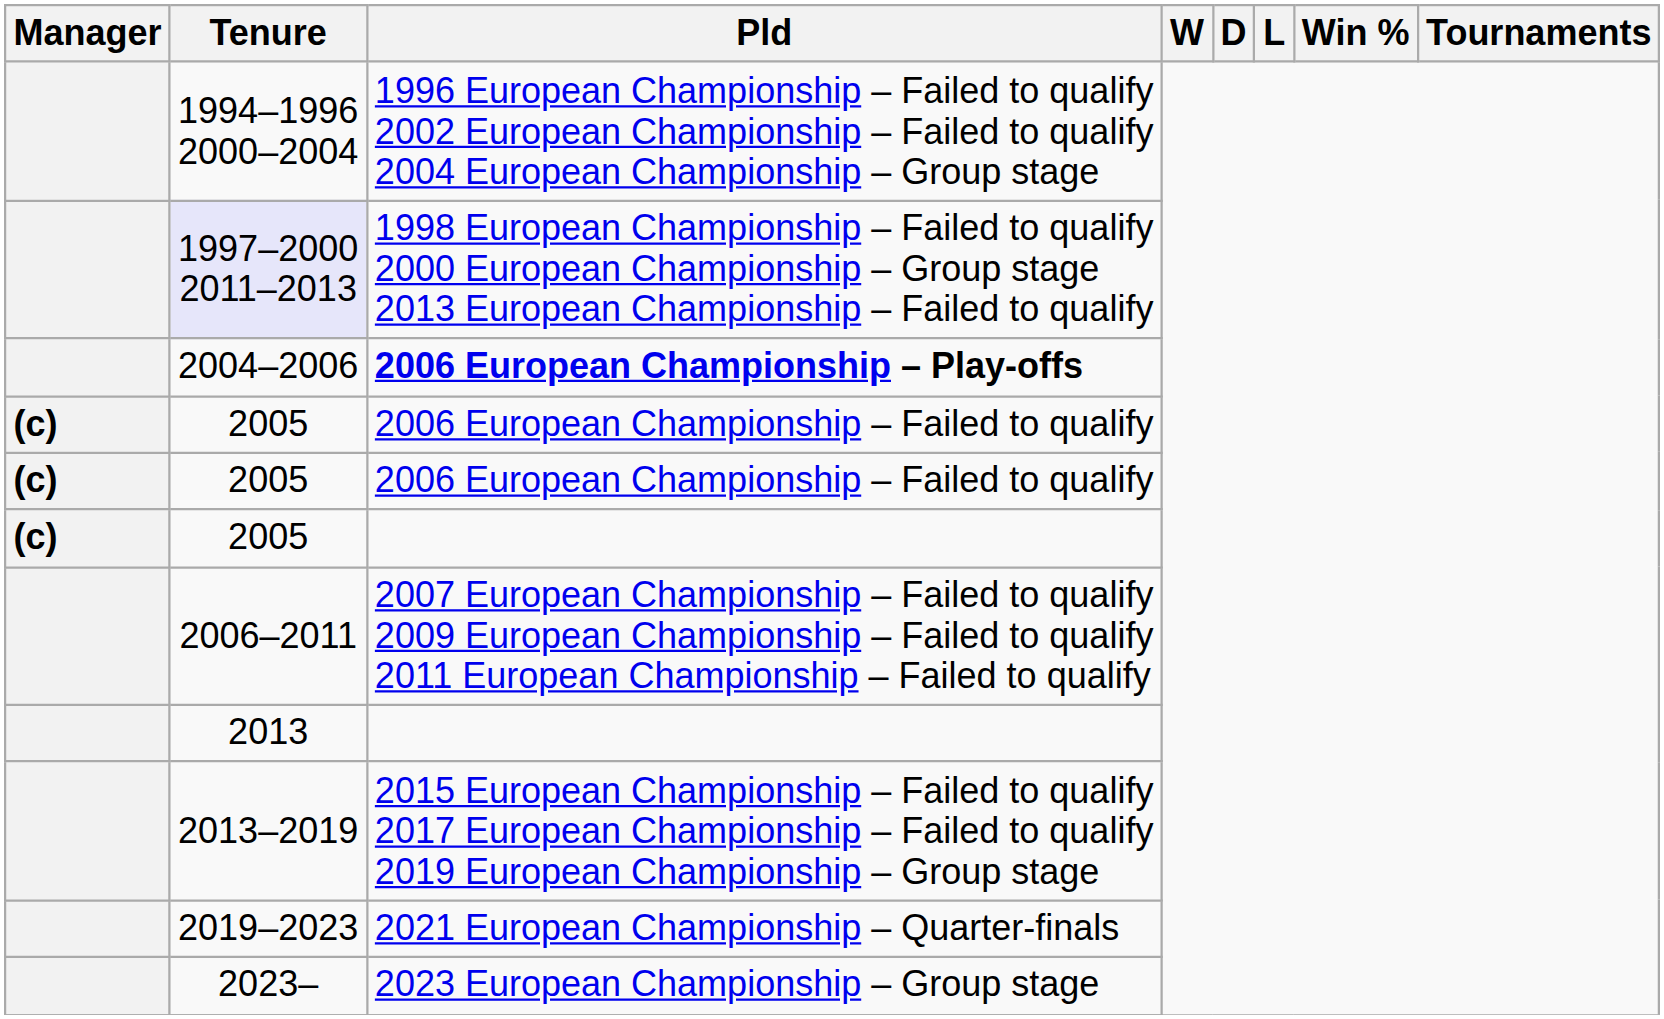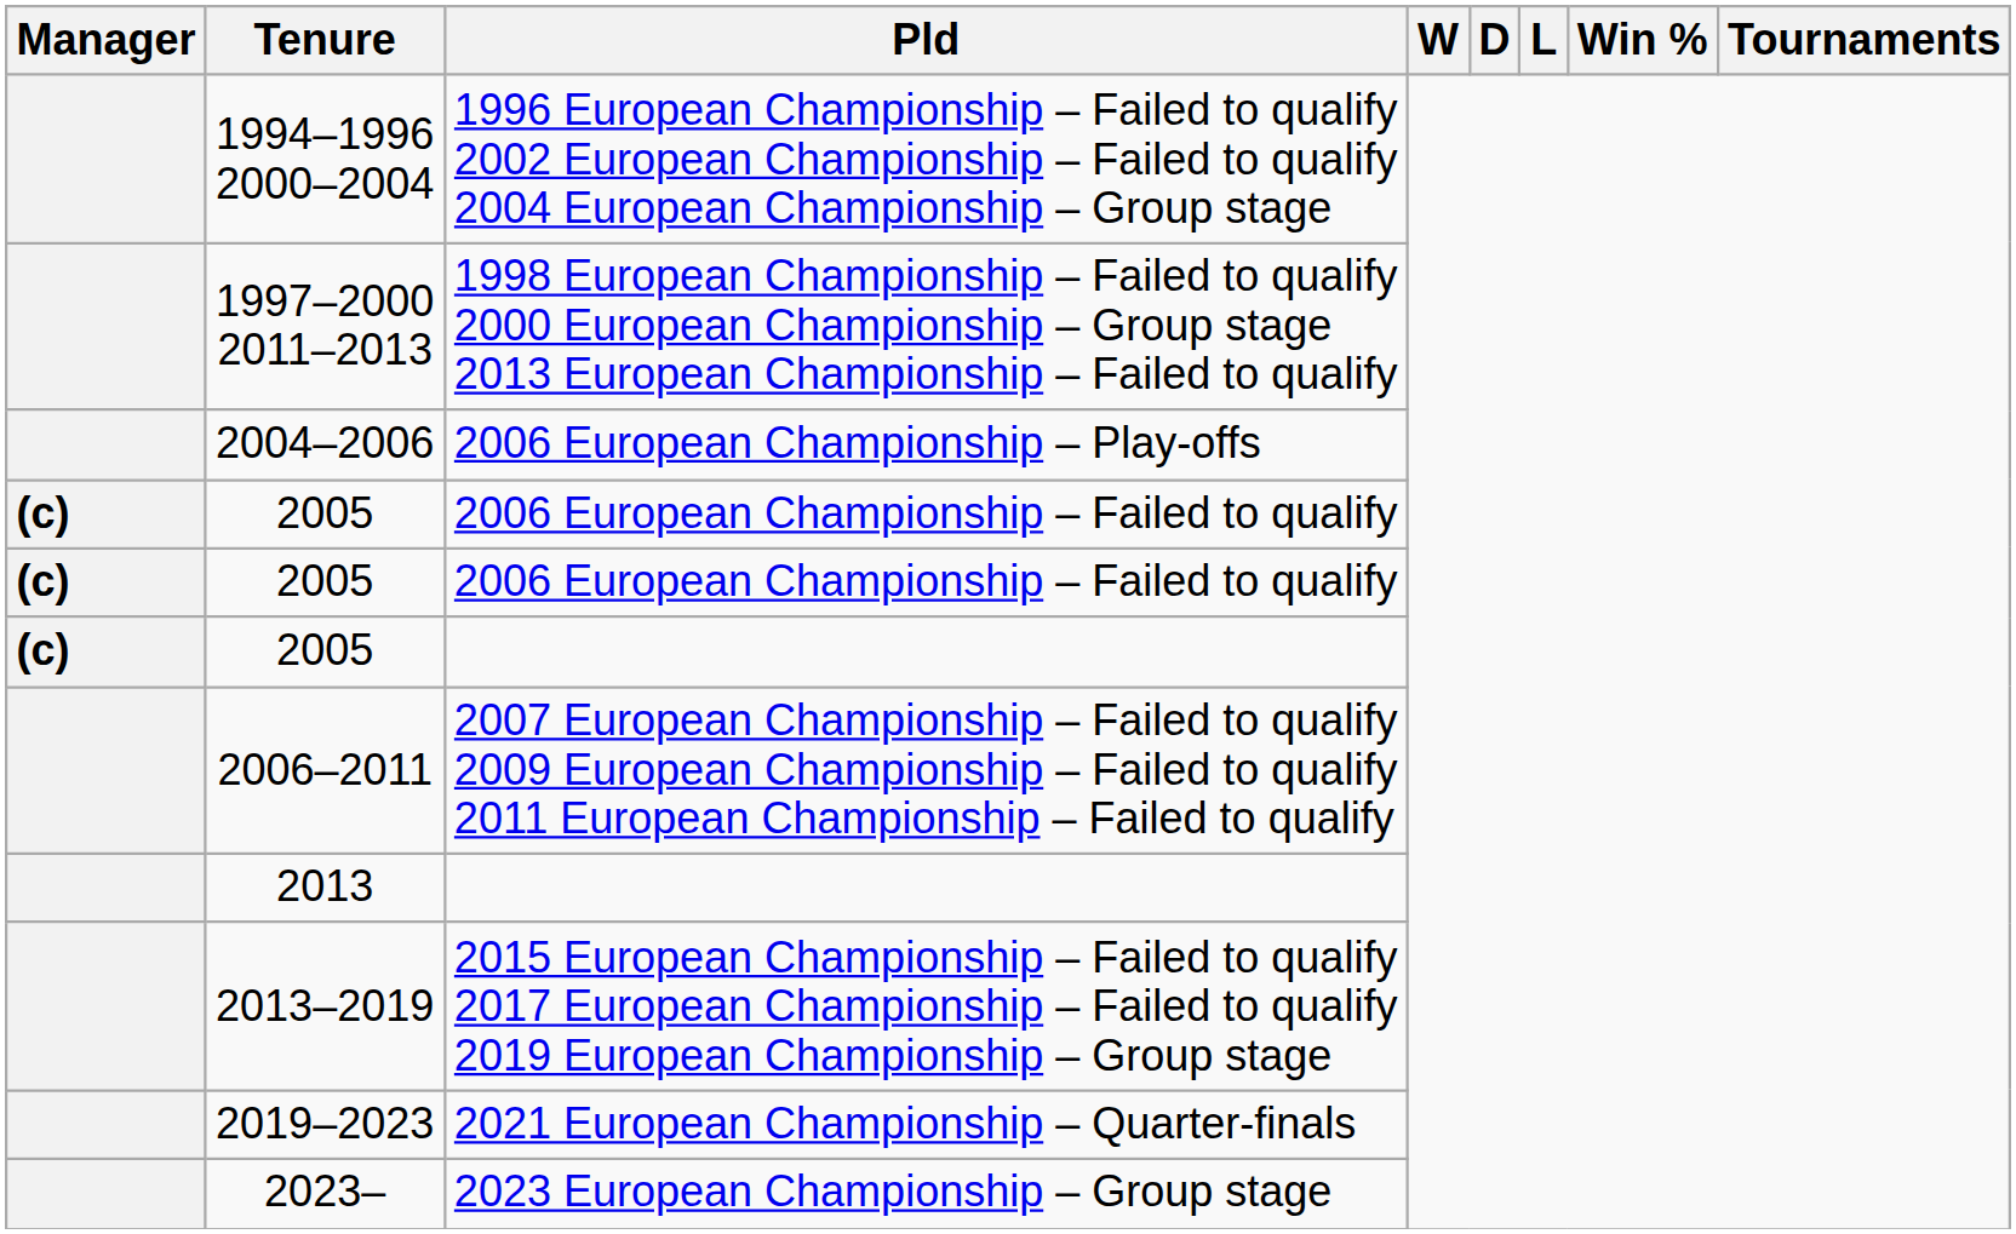 <table class="wikitable sortable plainrowheaders" cellpadding="3" style="text-align: center;">
 <tr>
 <th scope="col">Manager</th>
 <th scope="col">Tenure</th>
 <th scope="col">Pld</th>
 <th scope="col">W</th>
 <th scope="col">D</th>
 <th scope="col">L</th>
 <th scope="col">Win %</th>
 <th scope="col">Tournaments</th>
 </tr>
 <tr>
 <th scope="row" style="text-align: left;"> </th>
 <td>1994–1996<br>2000–2004<br></td>
 <td style="text-align: left;"> <a href='#'>1996 European Championship</a> – Failed to qualify<br> <a href='#'>2002 European Championship</a> – Failed to qualify<br> <a href='#'>2004 European Championship</a> – Group stage</td>
 </tr>
 <tr>
 <th scope="row" style="text-align: left;"> </th>
-<td style="background: lavender;">1997–2000<br>2011–2013<br></td>
+<td>1997–2000<br>2011–2013<br></td>
 <td style="text-align: left;"> <a href='#'>1998 European Championship</a> – Failed to qualify<br> <a href='#'>2000 European Championship</a> – Group stage<br> <a href='#'>2013 European Championship</a> – Failed to qualify</td>
 </tr>
 <tr>
 <th scope="row" style="text-align: left;"> </th>
 <td>2004–2006<br></td>
-<td style="text-align: left;"><strong> <a href='#'>2006 European Championship</a> – Play-offs</strong></td>
+<td style="text-align: left;"> <a href='#'>2006 European Championship</a> – Play-offs</td>
 </tr>
 <tr>
 <th scope="row" style="text-align: left;">  (c)</th>
 <td>2005<br></td>
 <td style="text-align: left;"> <a href='#'>2006 European Championship</a> – Failed to qualify</td>
 </tr>
 <tr>
 <th scope="row" style="text-align: left;">  (c)</th>
 <td>2005<br></td>
 <td style="text-align: left;"> <a href='#'>2006 European Championship</a> – Failed to qualify</td>
 </tr>
 <tr>
 <th scope="row" style="text-align: left;">  (c)</th>
 <td>2005<br></td>
 <td></td>
 </tr>
 <tr>
 <th scope="row" style="text-align: left;"> </th>
 <td>2006–2011<br></td>
 <td style="text-align: left;"> <a href='#'>2007 European Championship</a> – Failed to qualify<br> <a href='#'>2009 European Championship</a> – Failed to qualify<br> <a href='#'>2011 European Championship</a> – Failed to qualify</td>
 </tr>
 <tr>
 <th scope="row" style="text-align: left;"> </th>
 <td>2013<br></td>
 <td></td>
 </tr>
 <tr>
 <th scope="row" style="text-align: left;"> </th>
 <td>2013–2019<br></td>
 <td style="text-align: left;"> <a href='#'>2015 European Championship</a> – Failed to qualify<br> <a href='#'>2017 European Championship</a> – Failed to qualify<br> <a href='#'>2019 European Championship</a> – Group stage</td>
 </tr>
 <tr>
 <th scope="row" style="text-align: left;"> </th>
 <td>2019–2023<br></td>
 <td style="text-align: left;"> <a href='#'>2021 European Championship</a> – Quarter-finals</td>
 </tr>
 <tr>
 <th scope="row" style="text-align: left;"> </th>
 <td>2023–<br></td>
 <td style="text-align: left;"> <a href='#'>2023 European Championship</a> – Group stage</td>
 </tr>
 <tr>
 </tr>
 </table>
